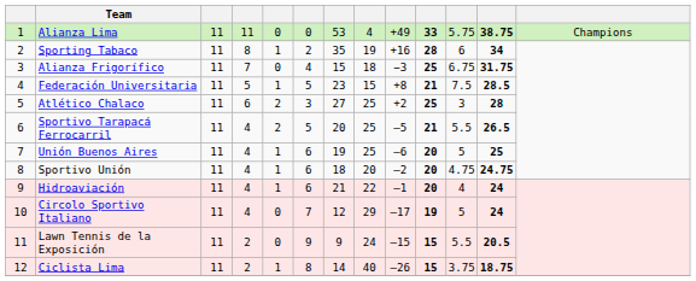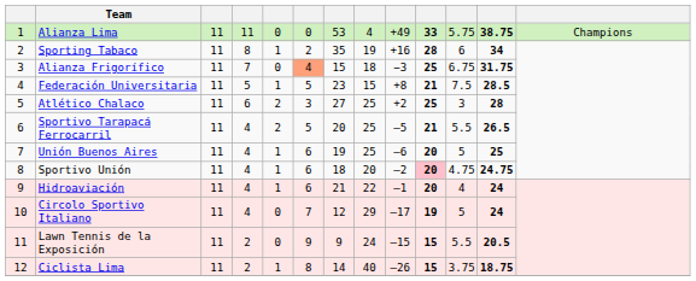 <table class="wikitable" style="text-align:center;">
 <tr>
 <th width="30"></th>
 <th width="190">Team</th>
 <th width="30"></th>
 <th width="30"></th>
 <th width="30"></th>
 <th width="30"></th>
 <th width="30"></th>
 <th width="30"></th>
 <th width="30"></th>
 <th width="30"></th>
 <th width="30"></th>
 <th width="30"></th>
 <th width="200"></th>
 </tr>
 <tr bgcolor=#D0F0C0>
 <td>1</td>
 <td align=left><a href='#'>Alianza Lima</a></td>
 <td>11</td>
 <td>11</td>
 <td>0</td>
 <td>0</td>
 <td>53</td>
 <td>4</td>
 <td>+49</td>
 <td><strong>33</strong></td>
 <td>5.75</td>
 <td><strong>38.75</strong></td>
 <td>Champions</td>
 </tr>
 <tr>
 <td>2</td>
 <td align=left><a href='#'>Sporting Tabaco</a></td>
 <td>11</td>
 <td>8</td>
 <td>1</td>
 <td>2</td>
 <td>35</td>
 <td>19</td>
 <td>+16</td>
 <td><strong>28</strong></td>
 <td>6</td>
 <td><strong>34</strong></td>
 </tr>
 <tr>
 <td>3</td>
 <td align=left><a href='#'>Alianza Frigorífico</a></td>
 <td>11</td>
 <td>7</td>
 <td>0</td>
-<td>4</td>
+<td style="background: lightsalmon;">4</td>
 <td>15</td>
 <td>18</td>
 <td>−3</td>
 <td><strong>25</strong></td>
 <td>6.75</td>
 <td><strong>31.75</strong></td>
 </tr>
 <tr>
 <td>4</td>
 <td align=left><a href='#'>Federación Universitaria</a></td>
 <td>11</td>
 <td>5</td>
 <td>1</td>
 <td>5</td>
 <td>23</td>
 <td>15</td>
 <td>+8</td>
 <td><strong>21</strong></td>
 <td>7.5</td>
 <td><strong>28.5</strong></td>
 </tr>
 <tr>
 <td>5</td>
 <td align=left><a href='#'>Atlético Chalaco</a></td>
 <td>11</td>
 <td>6</td>
 <td>2</td>
 <td>3</td>
 <td>27</td>
 <td>25</td>
 <td>+2</td>
 <td><strong>25</strong></td>
 <td>3</td>
 <td><strong>28</strong></td>
 </tr>
 <tr>
 <td>6</td>
 <td align=left><a href='#'>Sportivo Tarapacá Ferrocarril</a></td>
 <td>11</td>
 <td>4</td>
 <td>2</td>
 <td>5</td>
 <td>20</td>
 <td>25</td>
 <td>–5</td>
 <td><strong>21</strong></td>
 <td>5.5</td>
 <td><strong>26.5</strong></td>
 </tr>
 <tr>
 <td>7</td>
 <td align=left><a href='#'>Unión Buenos Aires</a></td>
 <td>11</td>
 <td>4</td>
 <td>1</td>
 <td>6</td>
 <td>19</td>
 <td>25</td>
 <td>–6</td>
 <td><strong>20</strong></td>
 <td>5</td>
 <td><strong>25</strong></td>
 </tr>
 <tr>
 <td>8</td>
 <td align=left>Sportivo Unión</td>
 <td>11</td>
 <td>4</td>
 <td>1</td>
 <td>6</td>
 <td>18</td>
 <td>20</td>
 <td>–2</td>
-<td><strong>20</strong></td>
+<td style="background: pink;"><strong>20</strong></td>
 <td>4.75</td>
 <td><strong>24.75</strong></td>
 </tr>
 <tr bgcolor=#ffe6e6>
 <td>9</td>
 <td align=left><a href='#'>Hidroaviación</a></td>
 <td>11</td>
 <td>4</td>
 <td>1</td>
 <td>6</td>
 <td>21</td>
 <td>22</td>
 <td>–1</td>
 <td><strong>20</strong></td>
 <td>4</td>
 <td><strong>24</strong></td>
 <td rowspan=4></td>
 </tr>
 <tr bgcolor=#ffe6e6>
 <td>10</td>
 <td align=left><a href='#'>Circolo Sportivo Italiano</a></td>
 <td>11</td>
 <td>4</td>
 <td>0</td>
 <td>7</td>
 <td>12</td>
 <td>29</td>
 <td>–17</td>
 <td><strong>19</strong></td>
 <td>5</td>
 <td><strong>24</strong></td>
 </tr>
 <tr bgcolor=#ffe6e6>
 <td>11</td>
 <td align=left>Lawn Tennis de la Exposición</td>
 <td>11</td>
 <td>2</td>
 <td>0</td>
 <td>9</td>
 <td>9</td>
 <td>24</td>
 <td>–15</td>
 <td><strong>15</strong></td>
 <td>5.5</td>
 <td><strong>20.5</strong></td>
 </tr>
 <tr bgcolor=#ffe6e6>
 <td>12</td>
 <td align=left><a href='#'>Ciclista Lima</a></td>
 <td>11</td>
 <td>2</td>
 <td>1</td>
 <td>8</td>
 <td>14</td>
 <td>40</td>
 <td>–26</td>
 <td><strong>15</strong></td>
 <td>3.75</td>
 <td><strong>18.75</strong></td>
 </tr>
 <tr>
 </tr>
 </table>
